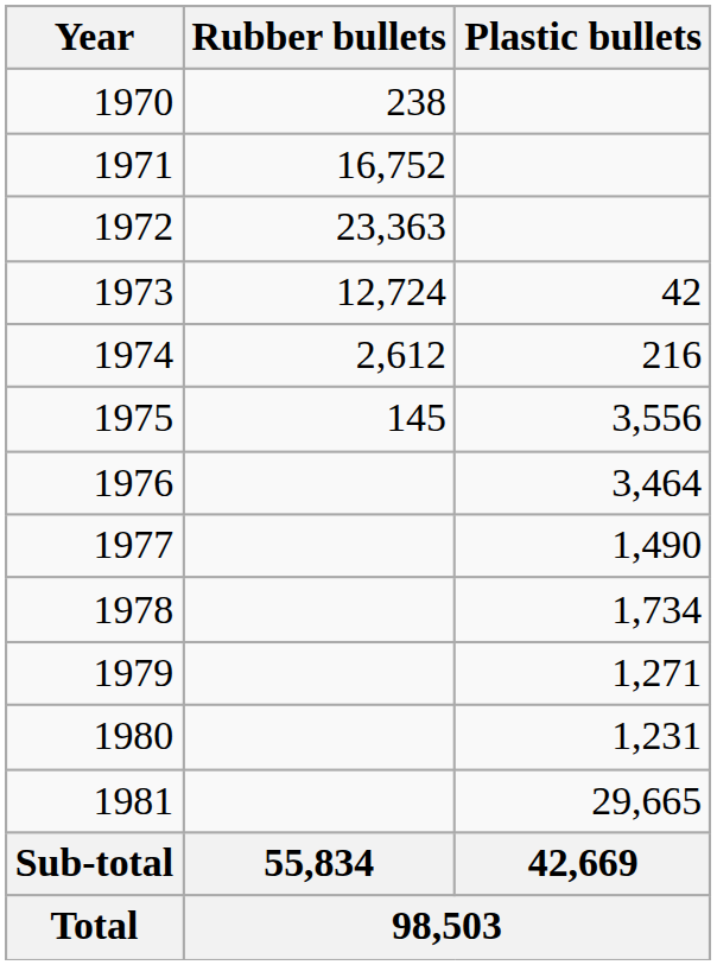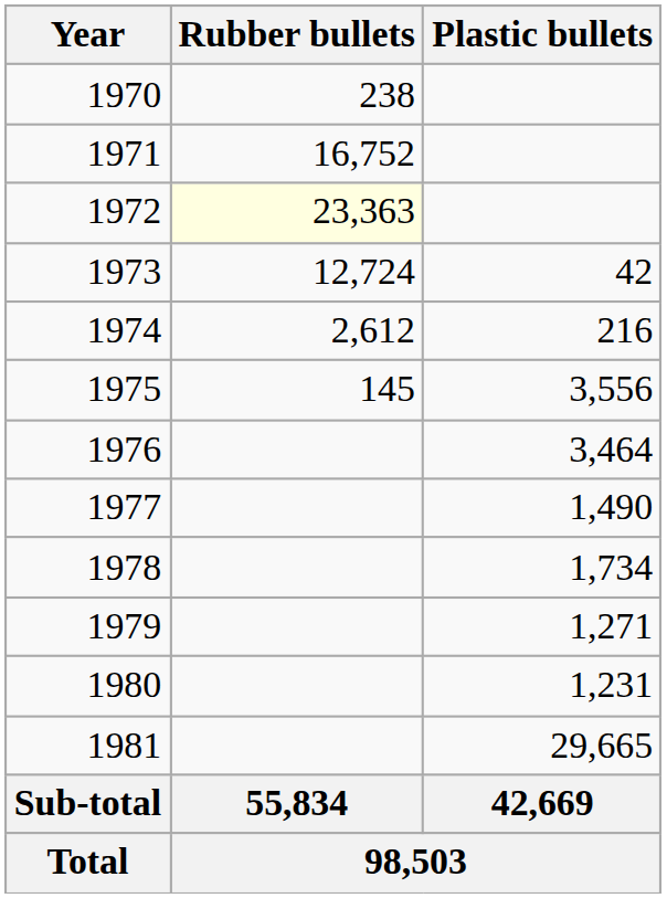 <table class="wikitable floatright" style="text-align:right;">
 <tr>
 <th>Year</th>
 <th>Rubber bullets</th>
 <th>Plastic bullets</th>
 </tr>
 <tr>
 <td>1970</td>
 <td>238</td>
 <td></td>
 </tr>
 <tr>
 <td>1971</td>
 <td>16,752</td>
 <td></td>
 </tr>
 <tr>
 <td>1972</td>
-<td>23,363</td>
+<td style="background: lightyellow;">23,363</td>
 <td></td>
 </tr>
 <tr>
 <td>1973</td>
 <td>12,724</td>
 <td>42</td>
 </tr>
 <tr>
 <td>1974</td>
 <td>2,612</td>
 <td>216</td>
 </tr>
 <tr>
 <td>1975</td>
 <td>145</td>
 <td>3,556</td>
 </tr>
 <tr>
 <td>1976</td>
 <td></td>
 <td>3,464</td>
 </tr>
 <tr>
 <td>1977</td>
 <td></td>
 <td>1,490</td>
 </tr>
 <tr>
 <td>1978</td>
 <td></td>
 <td>1,734</td>
 </tr>
 <tr>
 <td>1979</td>
 <td></td>
 <td>1,271</td>
 </tr>
 <tr>
 <td>1980</td>
 <td></td>
 <td>1,231</td>
 </tr>
 <tr>
 <td>1981</td>
 <td></td>
 <td>29,665</td>
 </tr>
 <tr>
 <th>Sub-total</th>
 <th>55,834</th>
 <th>42,669</th>
 </tr>
 <tr style="font-size: normal;">
 <th>Total</th>
 <th style="text-align:center;" colspan="2">98,503</th>
 </tr>
 </table>
